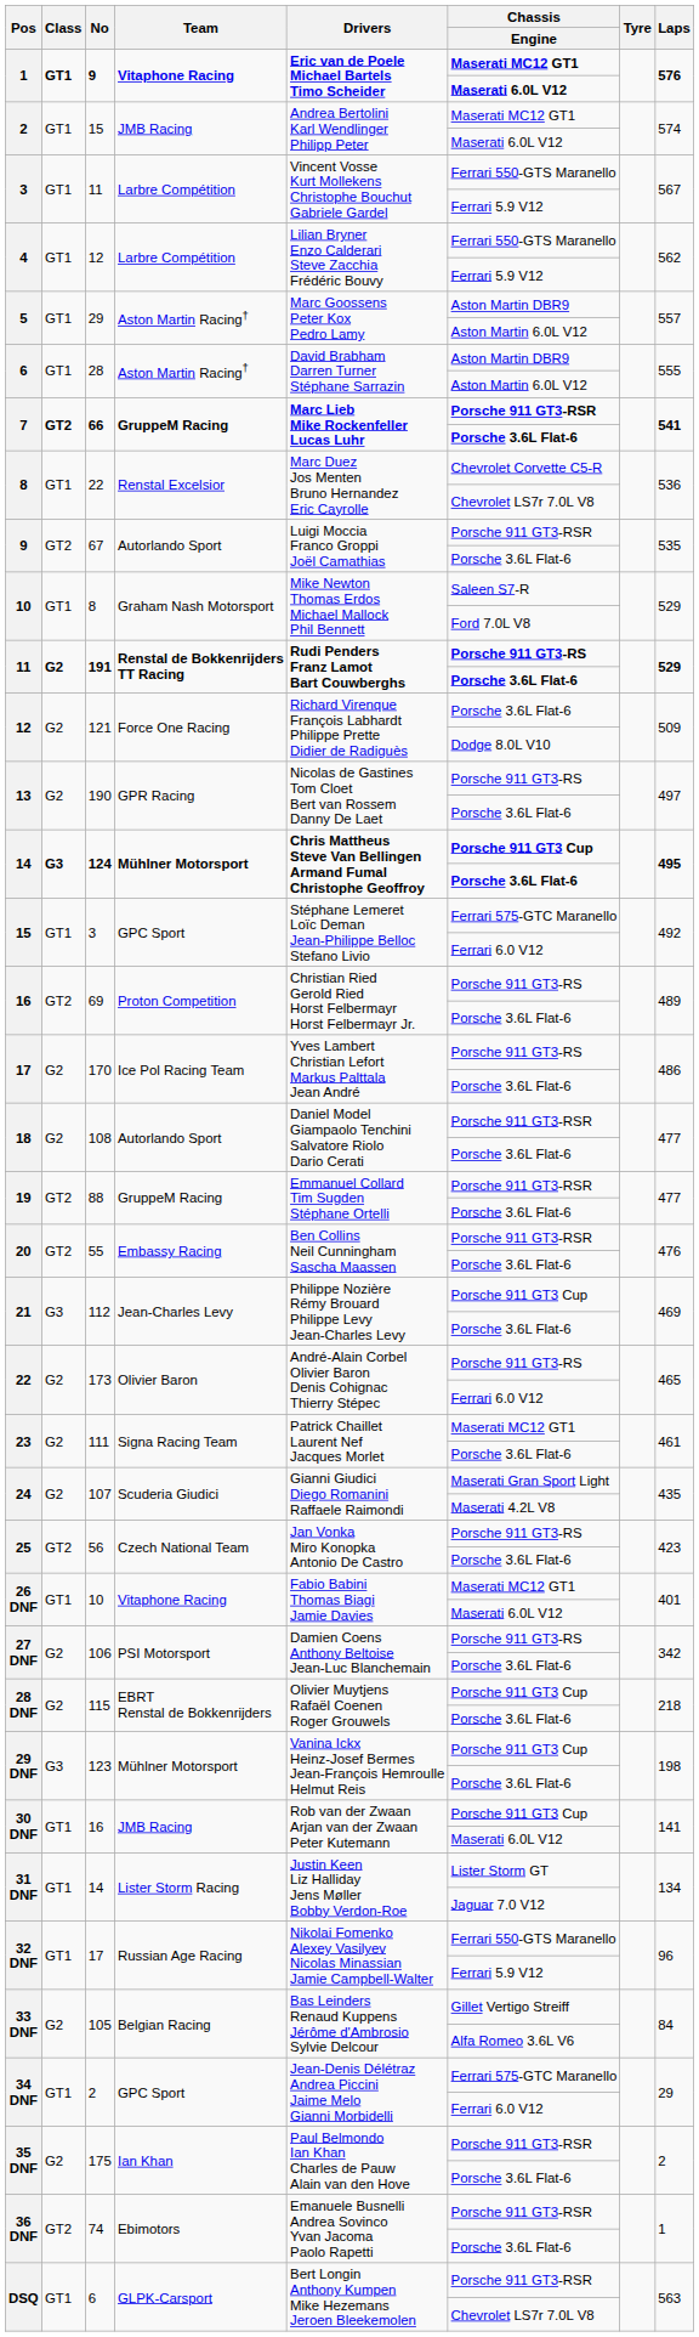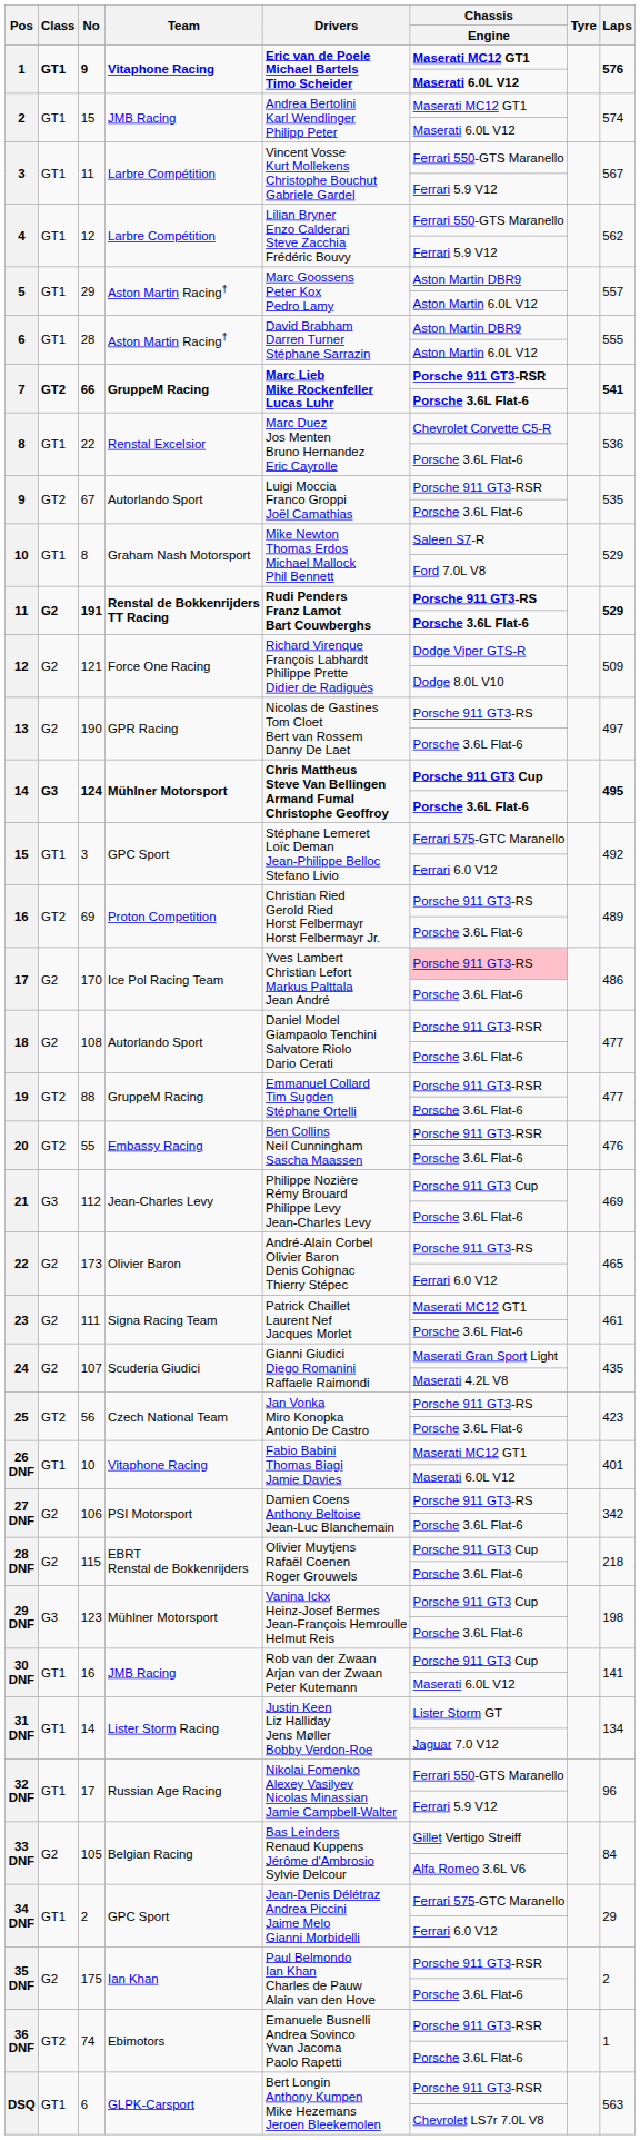 <table class="wikitable" style="font-size: 95%;">
 <tr>
 <th rowspan=2>Pos</th>
 <th rowspan=2>Class</th>
 <th rowspan=2>No</th>
 <th rowspan=2>Team</th>
 <th rowspan=2>Drivers</th>
 <th>Chassis</th>
 <th rowspan=2>Tyre</th>
 <th rowspan=2>Laps</th>
 </tr>
 <tr>
 <th>Engine</th>
 </tr>
 <tr style="font-weight:bold">
 <th rowspan=2>1</th>
 <td rowspan=2>GT1</td>
 <td rowspan=2>9</td>
 <td rowspan=2> <a href='#'>Vitaphone Racing</a></td>
 <td rowspan=2> <a href='#'>Eric van de Poele</a><br> <a href='#'>Michael Bartels</a><br> <a href='#'>Timo Scheider</a></td>
 <td><a href='#'>Maserati MC12</a> GT1</td>
 <td rowspan=2></td>
 <td rowspan=2>576</td>
 </tr>
 <tr style="font-weight:bold">
 <td><a href='#'>Maserati</a> 6.0L V12</td>
 </tr>
 <tr>
 <th rowspan=2>2</th>
 <td rowspan=2>GT1</td>
 <td rowspan=2>15</td>
 <td rowspan=2> <a href='#'>JMB Racing</a></td>
 <td rowspan=2> <a href='#'>Andrea Bertolini</a><br> <a href='#'>Karl Wendlinger</a><br> <a href='#'>Philipp Peter</a></td>
 <td><a href='#'>Maserati MC12</a> GT1</td>
 <td rowspan=2></td>
 <td rowspan=2>574</td>
 </tr>
 <tr>
 <td><a href='#'>Maserati</a> 6.0L V12</td>
 </tr>
 <tr>
 <th rowspan=2>3</th>
 <td rowspan=2>GT1</td>
 <td rowspan=2>11</td>
 <td rowspan=2> <a href='#'>Larbre Compétition</a></td>
 <td rowspan=2> Vincent Vosse<br> <a href='#'>Kurt Mollekens</a><br> <a href='#'>Christophe Bouchut</a><br> <a href='#'>Gabriele Gardel</a></td>
 <td><a href='#'>Ferrari 550</a>-GTS Maranello</td>
 <td rowspan=2></td>
 <td rowspan=2>567</td>
 </tr>
 <tr>
 <td><a href='#'>Ferrari</a> 5.9 V12</td>
 </tr>
 <tr>
 <th rowspan=2>4</th>
 <td rowspan=2>GT1</td>
 <td rowspan=2>12</td>
 <td rowspan=2> <a href='#'>Larbre Compétition</a></td>
 <td rowspan=2> <a href='#'>Lilian Bryner</a><br> <a href='#'>Enzo Calderari</a><br> <a href='#'>Steve Zacchia</a><br> Frédéric Bouvy</td>
 <td><a href='#'>Ferrari 550</a>-GTS Maranello</td>
 <td rowspan=2></td>
 <td rowspan=2>562</td>
 </tr>
 <tr>
 <td><a href='#'>Ferrari</a> 5.9 V12</td>
 </tr>
 <tr>
 <th rowspan=2>5</th>
 <td rowspan=2>GT1</td>
 <td rowspan=2>29</td>
 <td rowspan=2> <a href='#'>Aston Martin</a> Racing<sup>†</sup></td>
 <td rowspan=2> <a href='#'>Marc Goossens</a><br> <a href='#'>Peter Kox</a><br> <a href='#'>Pedro Lamy</a></td>
 <td><a href='#'>Aston Martin DBR9</a></td>
 <td rowspan=2></td>
 <td rowspan=2>557</td>
 </tr>
 <tr>
 <td><a href='#'>Aston Martin</a> 6.0L V12</td>
 </tr>
 <tr>
 <th rowspan=2>6</th>
 <td rowspan=2>GT1</td>
 <td rowspan=2>28</td>
 <td rowspan=2> <a href='#'>Aston Martin</a> Racing<sup>†</sup></td>
 <td rowspan=2> <a href='#'>David Brabham</a><br> <a href='#'>Darren Turner</a><br> <a href='#'>Stéphane Sarrazin</a></td>
 <td><a href='#'>Aston Martin DBR9</a></td>
 <td rowspan=2></td>
 <td rowspan=2>555</td>
 </tr>
 <tr>
 <td><a href='#'>Aston Martin</a> 6.0L V12</td>
 </tr>
 <tr style="font-weight:bold">
 <th rowspan=2>7</th>
 <td rowspan=2>GT2</td>
 <td rowspan=2>66</td>
 <td rowspan=2> GruppeM Racing</td>
 <td rowspan=2> <a href='#'>Marc Lieb</a><br> <a href='#'>Mike Rockenfeller</a><br> <a href='#'>Lucas Luhr</a></td>
 <td><a href='#'>Porsche 911 GT3</a>-RSR</td>
 <td rowspan=2></td>
 <td rowspan=2>541</td>
 </tr>
 <tr style="font-weight:bold">
 <td><a href='#'>Porsche</a> 3.6L Flat-6</td>
 </tr>
 <tr>
 <th rowspan=2>8</th>
 <td rowspan=2>GT1</td>
 <td rowspan=2>22</td>
 <td rowspan=2> <a href='#'>Renstal Excelsior</a></td>
 <td rowspan=2> <a href='#'>Marc Duez</a><br> Jos Menten<br> Bruno Hernandez<br> <a href='#'>Eric Cayrolle</a></td>
 <td><a href='#'>Chevrolet Corvette C5-R</a></td>
 <td rowspan=2></td>
 <td rowspan=2>536</td>
 </tr>
 <tr>
-<td><a href='#'>Chevrolet</a> LS7r 7.0L V8</td>
+<td><a href='#'>Porsche</a> 3.6L Flat-6</td>
 </tr>
 <tr>
 <th rowspan=2>9</th>
 <td rowspan=2>GT2</td>
 <td rowspan=2>67</td>
 <td rowspan=2> Autorlando Sport</td>
 <td rowspan=2> Luigi Moccia<br> Franco Groppi<br> <a href='#'>Joël Camathias</a></td>
 <td><a href='#'>Porsche 911 GT3</a>-RSR</td>
 <td rowspan=2></td>
 <td rowspan=2>535</td>
 </tr>
 <tr>
 <td><a href='#'>Porsche</a> 3.6L Flat-6</td>
 </tr>
 <tr>
 <th rowspan=2>10</th>
 <td rowspan=2>GT1</td>
 <td rowspan=2>8</td>
 <td rowspan=2> Graham Nash Motorsport</td>
 <td rowspan=2> <a href='#'>Mike Newton</a><br> <a href='#'>Thomas Erdos</a><br> <a href='#'>Michael Mallock</a><br> <a href='#'>Phil Bennett</a></td>
 <td><a href='#'>Saleen S7</a>-R</td>
 <td rowspan=2></td>
 <td rowspan=2>529</td>
 </tr>
 <tr>
 <td><a href='#'>Ford</a> 7.0L V8</td>
 </tr>
 <tr style="font-weight:bold">
 <th rowspan=2>11</th>
 <td rowspan=2>G2</td>
 <td rowspan=2>191</td>
 <td rowspan=2> Renstal de Bokkenrijders<br> TT Racing</td>
 <td rowspan=2> Rudi Penders<br> Franz Lamot<br> Bart Couwberghs</td>
 <td><a href='#'>Porsche 911 GT3</a>-RS</td>
 <td rowspan=2></td>
 <td rowspan=2>529</td>
 </tr>
 <tr style="font-weight:bold">
 <td><a href='#'>Porsche</a> 3.6L Flat-6</td>
 </tr>
 <tr>
 <th rowspan=2>12</th>
 <td rowspan=2>G2</td>
 <td rowspan=2>121</td>
 <td rowspan=2> Force One Racing</td>
 <td rowspan=2> <a href='#'>Richard Virenque</a><br> François Labhardt<br> Philippe Prette<br> <a href='#'>Didier de Radiguès</a></td>
-<td><a href='#'>Porsche</a> 3.6L Flat-6</td>
+<td><a href='#'>Dodge Viper GTS-R</a></td>
 <td rowspan=2></td>
 <td rowspan=2>509</td>
 </tr>
 <tr>
 <td><a href='#'>Dodge</a> 8.0L V10</td>
 </tr>
 <tr>
 <th rowspan=2>13</th>
 <td rowspan=2>G2</td>
 <td rowspan=2>190</td>
 <td rowspan=2> GPR Racing</td>
 <td rowspan=2> Nicolas de Gastines<br> Tom Cloet<br> Bert van Rossem<br> Danny De Laet</td>
 <td><a href='#'>Porsche 911 GT3</a>-RS</td>
 <td rowspan=2></td>
 <td rowspan=2>497</td>
 </tr>
 <tr>
 <td><a href='#'>Porsche</a> 3.6L Flat-6</td>
 </tr>
 <tr style="font-weight:bold">
 <th rowspan=2>14</th>
 <td rowspan=2>G3</td>
 <td rowspan=2>124</td>
 <td rowspan=2> Mühlner Motorsport</td>
 <td rowspan=2> Chris Mattheus<br> Steve Van Bellingen<br> Armand Fumal<br> Christophe Geoffroy</td>
 <td><a href='#'>Porsche 911 GT3</a> Cup</td>
 <td rowspan=2></td>
 <td rowspan=2>495</td>
 </tr>
 <tr style="font-weight:bold">
 <td><a href='#'>Porsche</a> 3.6L Flat-6</td>
 </tr>
 <tr>
 <th rowspan=2>15</th>
 <td rowspan=2>GT1</td>
 <td rowspan=2>3</td>
 <td rowspan=2> GPC Sport</td>
 <td rowspan=2> Stéphane Lemeret<br> Loïc Deman<br> <a href='#'>Jean-Philippe Belloc</a><br> Stefano Livio</td>
 <td><a href='#'>Ferrari 575</a>-GTC Maranello</td>
 <td rowspan=2></td>
 <td rowspan=2>492</td>
 </tr>
 <tr>
 <td><a href='#'>Ferrari</a> 6.0 V12</td>
 </tr>
 <tr>
 <th rowspan=2>16</th>
 <td rowspan=2>GT2</td>
 <td rowspan=2>69</td>
 <td rowspan=2> <a href='#'>Proton Competition</a></td>
 <td rowspan=2> Christian Ried<br> Gerold Ried<br> Horst Felbermayr<br> Horst Felbermayr Jr.</td>
 <td><a href='#'>Porsche 911 GT3</a>-RS</td>
 <td rowspan=2></td>
 <td rowspan=2>489</td>
 </tr>
 <tr>
 <td><a href='#'>Porsche</a> 3.6L Flat-6</td>
 </tr>
 <tr>
 <th rowspan=2>17</th>
 <td rowspan=2>G2</td>
 <td rowspan=2>170</td>
 <td rowspan=2> Ice Pol Racing Team</td>
 <td rowspan=2> Yves Lambert<br> Christian Lefort<br> <a href='#'>Markus Palttala</a><br> Jean André</td>
-<td><a href='#'>Porsche 911 GT3</a>-RS</td>
+<td style="background: pink;"><a href='#'>Porsche 911 GT3</a>-RS</td>
 <td rowspan=2></td>
 <td rowspan=2>486</td>
 </tr>
 <tr>
 <td><a href='#'>Porsche</a> 3.6L Flat-6</td>
 </tr>
 <tr>
 <th rowspan=2>18</th>
 <td rowspan=2>G2</td>
 <td rowspan=2>108</td>
 <td rowspan=2> Autorlando Sport</td>
 <td rowspan=2> Daniel Model<br> Giampaolo Tenchini<br> Salvatore Riolo<br> Dario Cerati</td>
 <td><a href='#'>Porsche 911 GT3</a>-RSR</td>
 <td rowspan=2></td>
 <td rowspan=2>477</td>
 </tr>
 <tr>
 <td><a href='#'>Porsche</a> 3.6L Flat-6</td>
 </tr>
 <tr>
 <th rowspan=2>19</th>
 <td rowspan=2>GT2</td>
 <td rowspan=2>88</td>
 <td rowspan=2> GruppeM Racing</td>
 <td rowspan=2> <a href='#'>Emmanuel Collard</a><br> <a href='#'>Tim Sugden</a><br> <a href='#'>Stéphane Ortelli</a></td>
 <td><a href='#'>Porsche 911 GT3</a>-RSR</td>
 <td rowspan=2></td>
 <td rowspan=2>477</td>
 </tr>
 <tr>
 <td><a href='#'>Porsche</a> 3.6L Flat-6</td>
 </tr>
 <tr>
 <th rowspan=2>20</th>
 <td rowspan=2>GT2</td>
 <td rowspan=2>55</td>
 <td rowspan=2> <a href='#'>Embassy Racing</a></td>
 <td rowspan=2> <a href='#'>Ben Collins</a><br> Neil Cunningham<br> <a href='#'>Sascha Maassen</a></td>
 <td><a href='#'>Porsche 911 GT3</a>-RSR</td>
 <td rowspan=2></td>
 <td rowspan=2>476</td>
 </tr>
 <tr>
 <td><a href='#'>Porsche</a> 3.6L Flat-6</td>
 </tr>
 <tr>
 <th rowspan=2>21</th>
 <td rowspan=2>G3</td>
 <td rowspan=2>112</td>
 <td rowspan=2> Jean-Charles Levy</td>
 <td rowspan=2> Philippe Nozière<br> Rémy Brouard<br> Philippe Levy<br> Jean-Charles Levy</td>
 <td><a href='#'>Porsche 911 GT3</a> Cup</td>
 <td rowspan=2></td>
 <td rowspan=2>469</td>
 </tr>
 <tr>
 <td><a href='#'>Porsche</a> 3.6L Flat-6</td>
 </tr>
 <tr>
 <th rowspan=2>22</th>
 <td rowspan=2>G2</td>
 <td rowspan=2>173</td>
 <td rowspan=2> Olivier Baron</td>
 <td rowspan=2> André-Alain Corbel<br> Olivier Baron<br> Denis Cohignac<br> Thierry Stépec</td>
 <td><a href='#'>Porsche 911 GT3</a>-RS</td>
 <td rowspan=2></td>
 <td rowspan=2>465</td>
 </tr>
 <tr>
 <td><a href='#'>Ferrari</a> 6.0 V12</td>
 </tr>
 <tr>
 <th rowspan=2>23</th>
 <td rowspan=2>G2</td>
 <td rowspan=2>111</td>
 <td rowspan=2> Signa Racing Team</td>
 <td rowspan=2> Patrick Chaillet<br> Laurent Nef<br> Jacques Morlet</td>
 <td><a href='#'>Maserati MC12</a> GT1</td>
 <td rowspan=2></td>
 <td rowspan=2>461</td>
 </tr>
 <tr>
 <td><a href='#'>Porsche</a> 3.6L Flat-6</td>
 </tr>
 <tr>
 <th rowspan=2>24</th>
 <td rowspan=2>G2</td>
 <td rowspan=2>107</td>
 <td rowspan=2> Scuderia Giudici</td>
 <td rowspan=2> Gianni Giudici<br> <a href='#'>Diego Romanini</a><br> Raffaele Raimondi</td>
 <td><a href='#'>Maserati Gran Sport</a> Light</td>
 <td rowspan=2></td>
 <td rowspan=2>435</td>
 </tr>
 <tr>
 <td><a href='#'>Maserati</a> 4.2L V8</td>
 </tr>
 <tr>
 <th rowspan=2>25</th>
 <td rowspan=2>GT2</td>
 <td rowspan=2>56</td>
 <td rowspan=2> Czech National Team</td>
 <td rowspan=2> <a href='#'>Jan Vonka</a><br> Miro Konopka<br> Antonio De Castro</td>
 <td><a href='#'>Porsche 911 GT3</a>-RS</td>
 <td rowspan=2></td>
 <td rowspan=2>423</td>
 </tr>
 <tr>
 <td><a href='#'>Porsche</a> 3.6L Flat-6</td>
 </tr>
 <tr>
 <th rowspan=2>26<br>DNF</th>
 <td rowspan=2>GT1</td>
 <td rowspan=2>10</td>
 <td rowspan=2> <a href='#'>Vitaphone Racing</a></td>
 <td rowspan=2> <a href='#'>Fabio Babini</a><br> <a href='#'>Thomas Biagi</a><br> <a href='#'>Jamie Davies</a></td>
 <td><a href='#'>Maserati MC12</a> GT1</td>
 <td rowspan=2></td>
 <td rowspan=2>401</td>
 </tr>
 <tr>
 <td><a href='#'>Maserati</a> 6.0L V12</td>
 </tr>
 <tr>
 <th rowspan=2>27<br>DNF</th>
 <td rowspan=2>G2</td>
 <td rowspan=2>106</td>
 <td rowspan=2> PSI Motorsport</td>
 <td rowspan=2> Damien Coens<br> <a href='#'>Anthony Beltoise</a><br> Jean-Luc Blanchemain</td>
 <td><a href='#'>Porsche 911 GT3</a>-RS</td>
 <td rowspan=2></td>
 <td rowspan=2>342</td>
 </tr>
 <tr>
 <td><a href='#'>Porsche</a> 3.6L Flat-6</td>
 </tr>
 <tr>
 <th rowspan=2>28<br>DNF</th>
 <td rowspan=2>G2</td>
 <td rowspan=2>115</td>
 <td rowspan=2> EBRT<br> Renstal de Bokkenrijders</td>
 <td rowspan=2> Olivier Muytjens<br> Rafaël Coenen<br> Roger Grouwels</td>
 <td><a href='#'>Porsche 911 GT3</a> Cup</td>
 <td rowspan=2></td>
 <td rowspan=2>218</td>
 </tr>
 <tr>
 <td><a href='#'>Porsche</a> 3.6L Flat-6</td>
 </tr>
 <tr>
 <th rowspan=2>29<br>DNF</th>
 <td rowspan=2>G3</td>
 <td rowspan=2>123</td>
 <td rowspan=2> Mühlner Motorsport</td>
 <td rowspan=2> <a href='#'>Vanina Ickx</a><br> Heinz-Josef Bermes<br> Jean-François Hemroulle<br> Helmut Reis</td>
 <td><a href='#'>Porsche 911 GT3</a> Cup</td>
 <td rowspan=2></td>
 <td rowspan=2>198</td>
 </tr>
 <tr>
 <td><a href='#'>Porsche</a> 3.6L Flat-6</td>
 </tr>
 <tr>
 <th rowspan=2>30<br>DNF</th>
 <td rowspan=2>GT1</td>
 <td rowspan=2>16</td>
 <td rowspan=2> <a href='#'>JMB Racing</a></td>
 <td rowspan=2> Rob van der Zwaan<br> Arjan van der Zwaan<br> Peter Kutemann</td>
 <td><a href='#'>Porsche 911 GT3</a> Cup</td>
 <td rowspan=2></td>
 <td rowspan=2>141</td>
 </tr>
 <tr>
 <td><a href='#'>Maserati</a> 6.0L V12</td>
 </tr>
 <tr>
 <th rowspan=2>31<br>DNF</th>
 <td rowspan=2>GT1</td>
 <td rowspan=2>14</td>
 <td rowspan=2> <a href='#'>Lister Storm</a> Racing</td>
 <td rowspan=2> <a href='#'>Justin Keen</a><br> Liz Halliday<br> Jens Møller<br> <a href='#'>Bobby Verdon-Roe</a></td>
 <td><a href='#'>Lister Storm</a> GT</td>
 <td rowspan=2></td>
 <td rowspan=2>134</td>
 </tr>
 <tr>
 <td><a href='#'>Jaguar</a> 7.0 V12</td>
 </tr>
 <tr>
 <th rowspan=2>32<br>DNF</th>
 <td rowspan=2>GT1</td>
 <td rowspan=2>17</td>
 <td rowspan=2> Russian Age Racing</td>
 <td rowspan=2> <a href='#'>Nikolai Fomenko</a><br> <a href='#'>Alexey Vasilyev</a><br> <a href='#'>Nicolas Minassian</a><br> <a href='#'>Jamie Campbell-Walter</a></td>
 <td><a href='#'>Ferrari 550</a>-GTS Maranello</td>
 <td rowspan=2></td>
 <td rowspan=2>96</td>
 </tr>
 <tr>
 <td><a href='#'>Ferrari</a> 5.9 V12</td>
 </tr>
 <tr>
 <th rowspan=2>33<br>DNF</th>
 <td rowspan=2>G2</td>
 <td rowspan=2>105</td>
 <td rowspan=2> Belgian Racing</td>
 <td rowspan=2> <a href='#'>Bas Leinders</a><br> Renaud Kuppens<br> <a href='#'>Jérôme d'Ambrosio</a><br> Sylvie Delcour</td>
 <td><a href='#'>Gillet</a> Vertigo Streiff</td>
 <td rowspan=2></td>
 <td rowspan=2>84</td>
 </tr>
 <tr>
 <td><a href='#'>Alfa Romeo</a> 3.6L V6</td>
 </tr>
 <tr>
 <th rowspan=2>34<br>DNF</th>
 <td rowspan=2>GT1</td>
 <td rowspan=2>2</td>
 <td rowspan=2> GPC Sport</td>
 <td rowspan=2> <a href='#'>Jean-Denis Délétraz</a><br> <a href='#'>Andrea Piccini</a><br> <a href='#'>Jaime Melo</a><br> <a href='#'>Gianni Morbidelli</a></td>
 <td><a href='#'>Ferrari 575</a>-GTC Maranello</td>
 <td rowspan=2></td>
 <td rowspan=2>29</td>
 </tr>
 <tr>
 <td><a href='#'>Ferrari</a> 6.0 V12</td>
 </tr>
 <tr>
 <th rowspan=2>35<br>DNF</th>
 <td rowspan=2>G2</td>
 <td rowspan=2>175</td>
 <td rowspan=2> <a href='#'>Ian Khan</a></td>
 <td rowspan=2> <a href='#'>Paul Belmondo</a><br> <a href='#'>Ian Khan</a><br> Charles de Pauw<br> Alain van den Hove</td>
 <td><a href='#'>Porsche 911 GT3</a>-RSR</td>
 <td rowspan=2></td>
 <td rowspan=2>2</td>
 </tr>
 <tr>
 <td><a href='#'>Porsche</a> 3.6L Flat-6</td>
 </tr>
 <tr>
 <th rowspan=2>36<br>DNF</th>
 <td rowspan=2>GT2</td>
 <td rowspan=2>74</td>
 <td rowspan=2> Ebimotors</td>
 <td rowspan=2> Emanuele Busnelli<br> Andrea Sovinco<br> Yvan Jacoma<br> Paolo Rapetti</td>
 <td><a href='#'>Porsche 911 GT3</a>-RSR</td>
 <td rowspan=2></td>
 <td rowspan=2>1</td>
 </tr>
 <tr>
 <td><a href='#'>Porsche</a> 3.6L Flat-6</td>
 </tr>
 <tr>
 <th rowspan=2>DSQ</th>
 <td rowspan=2>GT1</td>
 <td rowspan=2>6</td>
 <td rowspan=2> <a href='#'>GLPK-Carsport</a></td>
 <td rowspan=2> Bert Longin<br> <a href='#'>Anthony Kumpen</a><br> Mike Hezemans<br> <a href='#'>Jeroen Bleekemolen</a></td>
 <td><a href='#'>Porsche 911 GT3</a>-RSR</td>
 <td rowspan=2></td>
 <td rowspan=2>563</td>
 </tr>
 <tr>
 <td><a href='#'>Chevrolet</a> LS7r 7.0L V8</td>
 </tr>
 </table>
